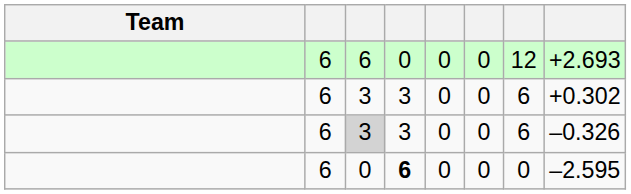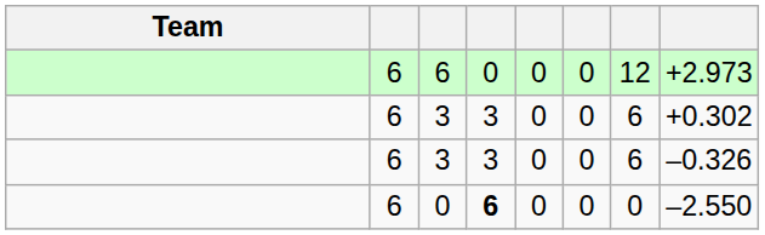 <table class="wikitable" style="text-align:center">
 <tr>
 <th width=200>Team</th>
 <th width=20></th>
 <th width=20></th>
 <th width=20></th>
 <th width=20></th>
 <th width=20></th>
 <th width=20></th>
 <th width=45></th>
 </tr>
 <tr style="background:#cfc;">
 <td align="left"></td>
 <td>6</td>
 <td>6</td>
 <td>0</td>
 <td>0</td>
 <td>0</td>
 <td>12</td>
-<td>+2.693</td>
+<td>+2.973</td>
 </tr>
 <tr>
 <td align="left"></td>
 <td>6</td>
 <td>3</td>
 <td>3</td>
 <td>0</td>
 <td>0</td>
 <td>6</td>
 <td>+0.302</td>
 </tr>
 <tr>
 <td align="left"></td>
 <td>6</td>
-<td style="background: lightgrey;">3</td>
+<td>3</td>
 <td>3</td>
 <td>0</td>
 <td>0</td>
 <td>6</td>
 <td>–0.326</td>
 </tr>
 <tr>
 <td align="left"></td>
 <td>6</td>
 <td>0</td>
 <td><strong>6</strong></td>
 <td>0</td>
 <td>0</td>
 <td>0</td>
-<td>–2.595</td>
+<td>–2.550</td>
 </tr>
 </table>
